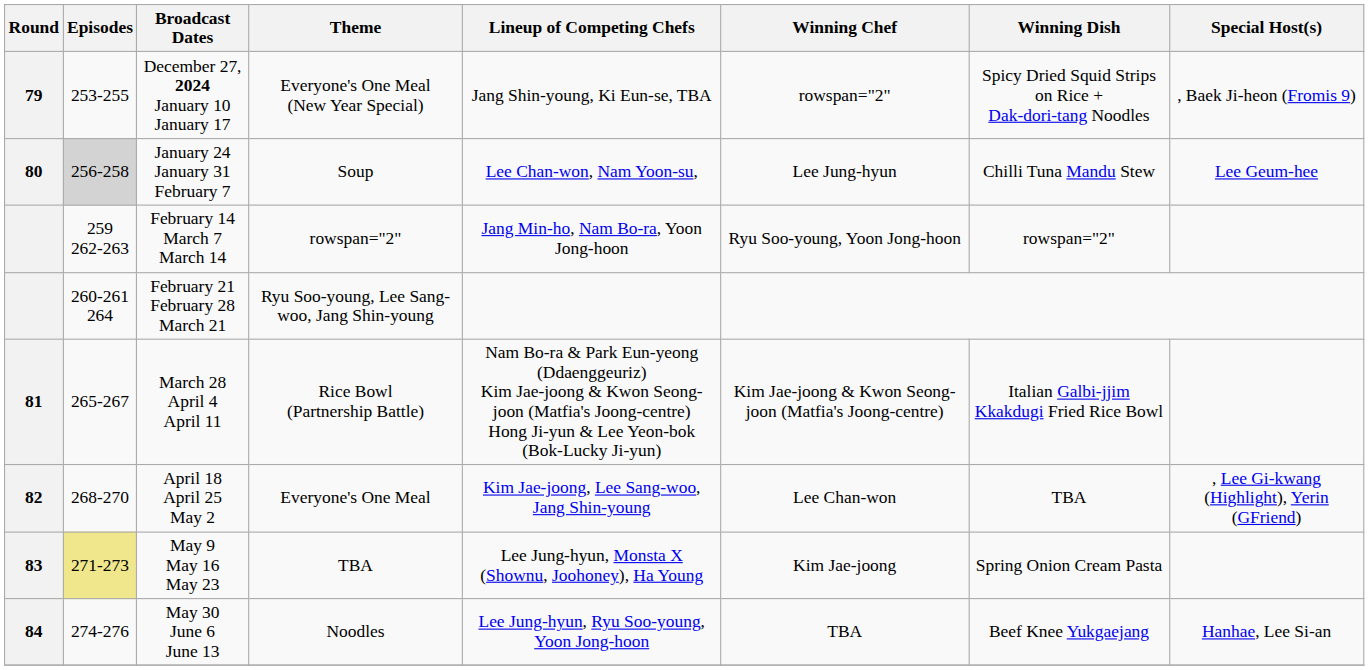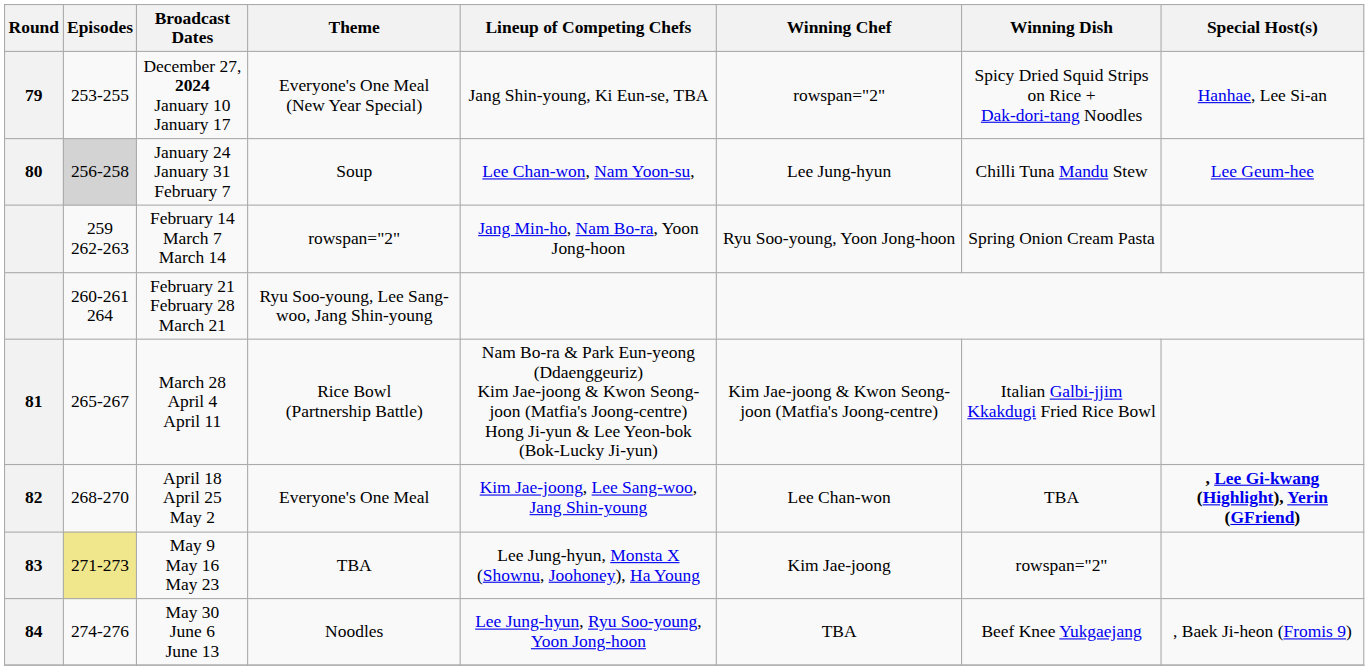 <table class="wikitable" style="text-align:center">
 <tr>
 <th>Round</th>
 <th>Episodes</th>
 <th>Broadcast Dates</th>
 <th>Theme</th>
 <th>Lineup of Competing Chefs</th>
 <th>Winning Chef</th>
 <th>Winning Dish</th>
 <th>Special Host(s)</th>
 </tr>
 <tr>
 <th>79</th>
 <td>253-255</td>
 <td>December 27, <strong>2024</strong><br>January 10<br>January 17</td>
 <td>Everyone's One Meal<br>(New Year Special)</td>
 <td>Jang Shin-young, Ki Eun-se, TBA</td>
 <td>rowspan="2" </td>
 <td>Spicy Dried Squid Strips on Rice +<br><a href='#'>Dak-dori-tang</a> Noodles</td>
-<td>, Baek Ji-heon (<a href='#'>Fromis 9</a>)</td>
+<td><a href='#'>Hanhae</a>, Lee Si-an</td>
 </tr>
 <tr>
 <th>80</th>
 <td style="background: lightgrey;">256-258</td>
 <td>January 24<br>January 31<br>February 7</td>
 <td>Soup</td>
 <td><a href='#'>Lee Chan-won</a>, <a href='#'>Nam Yoon-su</a>, </td>
 <td>Lee Jung-hyun</td>
 <td>Chilli Tuna <a href='#'>Mandu</a> Stew</td>
 <td><a href='#'>Lee Geum-hee</a></td>
 </tr>
 <tr>
 <th></th>
 <td>259<br>262-263</td>
 <td>February 14<br>March 7<br>March 14</td>
 <td>rowspan="2" </td>
 <td><a href='#'>Jang Min-ho</a>, <a href='#'>Nam Bo-ra</a>, Yoon Jong-hoon</td>
 <td>Ryu Soo-young, Yoon Jong-hoon</td>
-<td>rowspan="2" </td>
+<td>Spring Onion Cream Pasta</td>
 <td></td>
 </tr>
 <tr>
 <th></th>
 <td>260-261<br>264</td>
 <td>February 21<br>February 28<br>March 21</td>
 <td>Ryu Soo-young, Lee Sang-woo, Jang Shin-young</td>
 <td></td>
 </tr>
 <tr>
 <th>81</th>
 <td>265-267</td>
 <td>March 28<br>April 4<br>April 11</td>
 <td>Rice Bowl<br>(Partnership Battle)</td>
 <td>Nam Bo-ra & Park Eun-yeong (Ddaenggeuriz)<br>Kim Jae-joong & Kwon Seong-joon (Matfia's Joong-centre)<br>Hong Ji-yun & Lee Yeon-bok (Bok-Lucky Ji-yun)</td>
 <td>Kim Jae-joong & Kwon Seong-joon (Matfia's Joong-centre)</td>
 <td>Italian <a href='#'>Galbi-jjim</a> <a href='#'>Kkakdugi</a> Fried Rice Bowl</td>
 <td></td>
 </tr>
 <tr>
 <th>82</th>
 <td>268-270</td>
 <td>April 18<br>April 25<br>May 2</td>
 <td>Everyone's One Meal</td>
 <td><a href='#'>Kim Jae-joong</a>, <a href='#'>Lee Sang-woo</a>, <a href='#'>Jang Shin-young</a></td>
 <td>Lee Chan-won</td>
 <td>TBA</td>
-<td>, <a href='#'>Lee Gi-kwang</a> (<a href='#'>Highlight</a>), <a href='#'>Yerin</a> (<a href='#'>GFriend</a>)</td>
+<td><strong>, <a href='#'>Lee Gi-kwang</a> (<a href='#'>Highlight</a>), <a href='#'>Yerin</a> (<a href='#'>GFriend</a>)</strong></td>
 </tr>
 <tr>
 <th>83</th>
 <td style="background: khaki;">271-273</td>
 <td>May 9<br>May 16<br>May 23</td>
 <td>TBA</td>
 <td>Lee Jung-hyun, <a href='#'>Monsta X</a> (<a href='#'>Shownu</a>, <a href='#'>Joohoney</a>), <a href='#'>Ha Young</a></td>
 <td>Kim Jae-joong</td>
-<td>Spring Onion Cream Pasta</td>
+<td>rowspan="2" </td>
 <td></td>
 </tr>
 <tr>
 <th>84</th>
 <td>274-276</td>
 <td>May 30<br>June 6<br>June 13</td>
 <td>Noodles</td>
 <td><a href='#'>Lee Jung-hyun</a>, <a href='#'>Ryu Soo-young</a>, <a href='#'>Yoon Jong-hoon</a></td>
 <td>TBA</td>
 <td>Beef Knee <a href='#'>Yukgaejang</a></td>
-<td><a href='#'>Hanhae</a>, Lee Si-an</td>
+<td>, Baek Ji-heon (<a href='#'>Fromis 9</a>)</td>
 </tr>
 <tr>
 </tr>
 </table>
